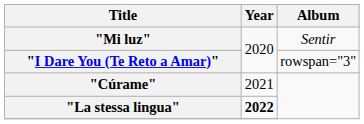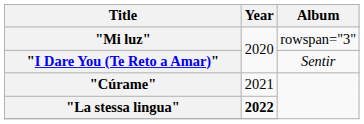 <table class="wikitable plainrowheaders" style="text-align:center;">
 <tr>
 <th scope="col" style="width:16em;">Title</th>
 <th scope="col" style="width:1em;">Year</th>
 <th scope="col">Album</th>
 </tr>
 <tr>
 <th scope="row">"Mi luz"<br></th>
 <td rowspan="2">2020</td>
-<td><em>Sentir</em></td>
+<td>rowspan="3" </td>
 </tr>
 <tr>
 <th scope="row">"<a href='#'>I Dare You (Te Reto a Amar)</a>"<br></th>
-<td>rowspan="3" </td>
+<td><em>Sentir</em></td>
 </tr>
 <tr>
 <th scope="row">"Cúrame" <br></th>
 <td>2021</td>
 </tr>
 <tr>
 <th scope="row">"La stessa lingua" <br></th>
 <td><strong>2022</strong></td>
 </tr>
 <tr>
 </tr>
 </table>
